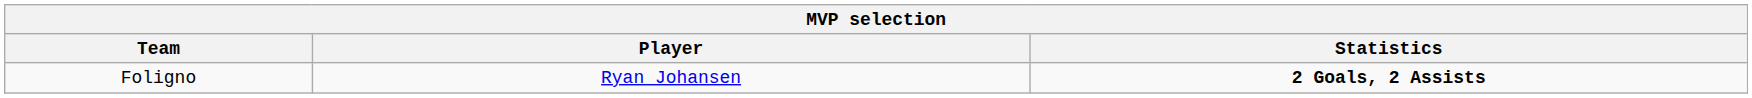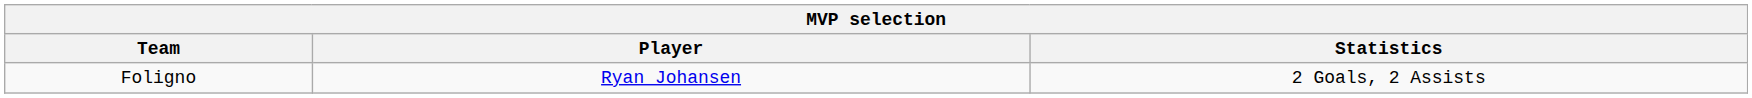 <table class="wikitable" style="width:100%;text-align: center;">
 <tr>
 <th colspan=3>MVP selection</th>
 </tr>
 <tr>
 <th style="width:15%;">Team</th>
 <th style="width:35%;">Player</th>
 <th style="width:35%;">Statistics</th>
 </tr>
 <tr>
 <td>Foligno</td>
 <td><a href='#'>Ryan Johansen</a></td>
-<td><strong>2 Goals, 2 Assists</strong></td>
+<td>2 Goals, 2 Assists</td>
 </tr>
 </table>
